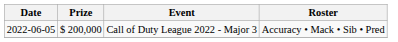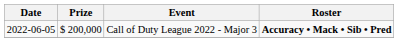 <table class="wikitable sortable">
 <tr>
 <th>Date</th>
 <th>Prize</th>
 <th>Event</th>
 <th>Roster</th>
 </tr>
 <tr>
 <td>2022-06-05</td>
 <td>$ 200,000</td>
 <td>Call of Duty League 2022 - Major 3</td>
-<td>Accuracy • Mack • Sib • Pred</td>
+<td><strong>Accuracy • Mack • Sib • Pred</strong></td>
 </tr>
 <tr>
 </tr>
 </table>
